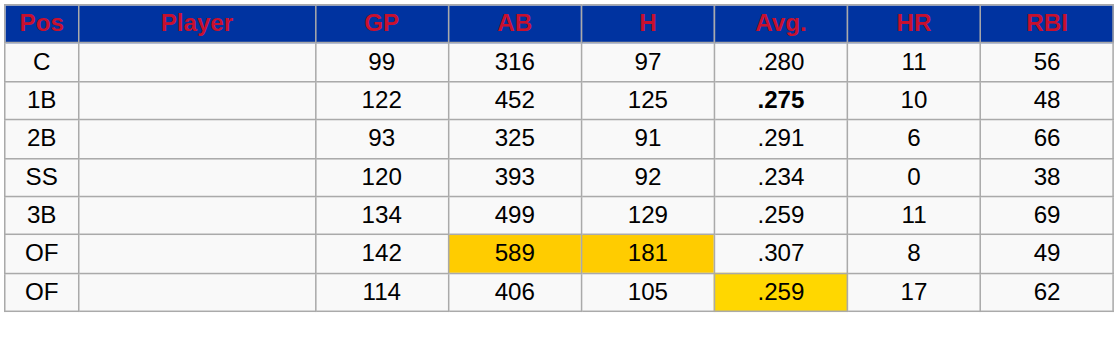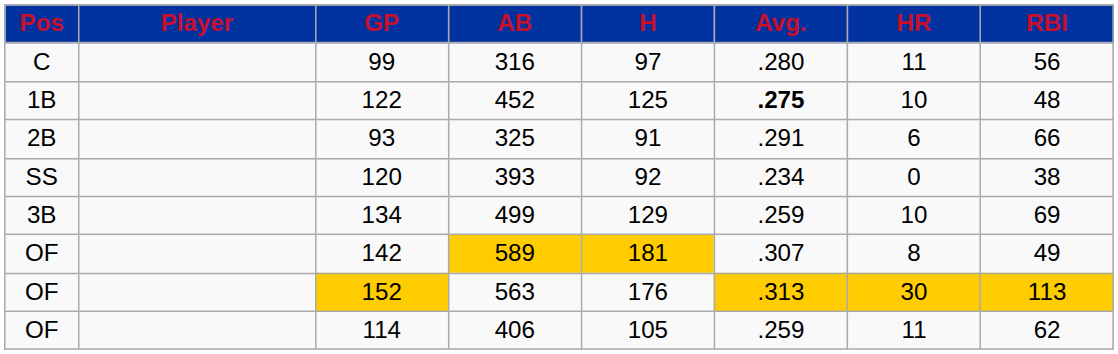 <table class="wikitable sortable">
 <tr>
 <th style="background:#0033A0;color:#C8102E;" width="5%">Pos</th>
 <th style="background:#0033A0;color:#C8102E;" width="16%">Player</th>
 <th style="background:#0033A0;color:#C8102E;" width="9%">GP</th>
 <th style="background:#0033A0;color:#C8102E;" width="9%">AB</th>
 <th style="background:#0033A0;color:#C8102E;" width="9%">H</th>
 <th style="background:#0033A0;color:#C8102E;" width="9%">Avg.</th>
 <th style="background:#0033A0;color:#C8102E;" width="9%">HR</th>
 <th style="background:#0033A0;color:#C8102E;" width="9%">RBI</th>
 </tr>
 <tr align="center">
 <td>C</td>
 <td></td>
 <td>99</td>
 <td>316</td>
 <td>97</td>
 <td>.280</td>
 <td>11</td>
 <td>56</td>
 </tr>
 <tr align="center">
 <td>1B</td>
 <td></td>
 <td>122</td>
 <td>452</td>
 <td>125</td>
 <td><strong>.275</strong></td>
 <td>10</td>
 <td>48</td>
 </tr>
 <tr align="center">
 <td>2B</td>
 <td></td>
 <td>93</td>
 <td>325</td>
 <td>91</td>
 <td>.291</td>
 <td>6</td>
 <td>66</td>
 </tr>
 <tr align="center">
 <td>SS</td>
 <td></td>
 <td>120</td>
 <td>393</td>
 <td>92</td>
 <td>.234</td>
 <td>0</td>
 <td>38</td>
 </tr>
 <tr align="center">
 <td>3B</td>
 <td></td>
 <td>134</td>
 <td>499</td>
 <td>129</td>
 <td>.259</td>
-<td>11</td>
+<td>10</td>
 <td>69</td>
 </tr>
 <tr align="center">
 <td>OF</td>
 <td></td>
 <td>142</td>
 <td style="background:#fc0;">589</td>
 <td style="background:#fc0;">181</td>
 <td>.307</td>
 <td>8</td>
 <td>49</td>
 </tr>
 <tr align="center">
 <td>OF</td>
 <td></td>
+<td style="background:#fc0;">152</td>
+<td>563</td>
+<td>176</td>
+<td style="background:#fc0;">.313</td>
+<td style="background:#fc0;">30</td>
+<td style="background:#fc0;">113</td>
+</tr>
+<tr align="center">
+<td>OF</td>
+<td></td>
 <td>114</td>
 <td>406</td>
 <td>105</td>
-<td style="background: gold;">.259</td>
-<td>17</td>
+<td>.259</td>
+<td>11</td>
 <td>62</td>
 </tr>
 </table>
